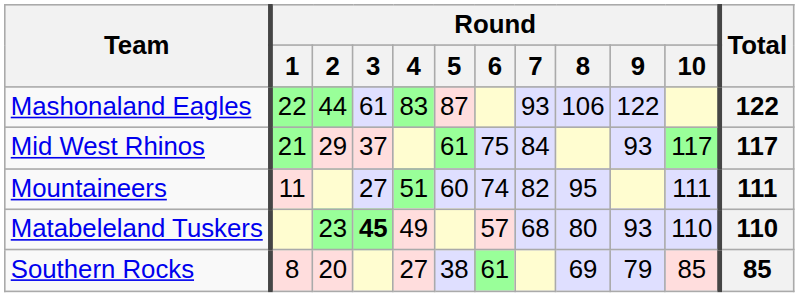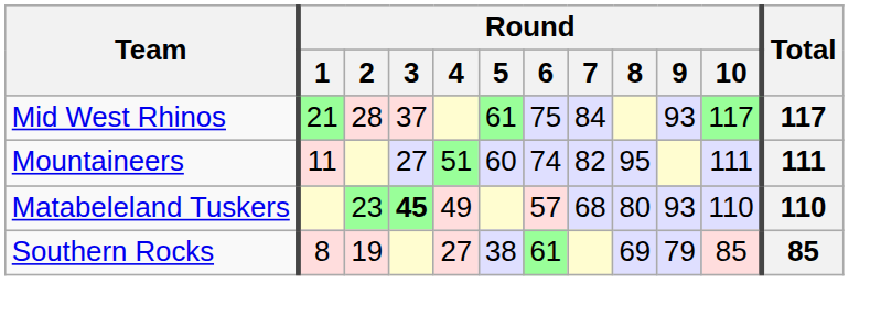 <table class="wikitable">
 <tr>
 <th rowspan="2" style="border-right: 3px solid #454545">Team</th>
 <th colspan="10">Round</th>
 <th rowspan="2" style="border-left: 3px solid #454545">Total</th>
 </tr>
 <tr>
 <th>1</th>
 <th>2</th>
 <th>3</th>
 <th>4</th>
 <th>5</th>
 <th>6</th>
 <th>7</th>
 <th>8</th>
 <th>9</th>
 <th>10</th>
 </tr>
 <tr align="center">
-<td style="border-right: 3px solid #454545" align="left"><a href='#'>Mashonaland Eagles</a></td>
-<td style="background: #99FF99">22</td>
-<td style="background: #99FF99">44</td>
-<td style="background: #DFDFFF">61</td>
-<td style="background: #99FF99">83</td>
-<td style="background: #FFDDDD">87</td>
-<td style="background-color: #FFFDD0"><em></em></td>
-<td style="background: #DFDFFF">93</td>
-<td style="background: #DFDFFF">106</td>
-<td style="background: #DFDFFF">122</td>
-<td style="background-color: #FFFDD0"><em></em></td>
-<th style="border-left: 3px solid #454545">122</th>
-</tr>
-<tr align="center">
 <td style="border-right: 3px solid #454545" align="left"><a href='#'>Mid West Rhinos</a></td>
 <td style="background: #99FF99">21</td>
-<td style="background: #FFDDDD">29</td>
+<td style="background: #FFDDDD">28</td>
 <td style="background: #FFDDDD">37</td>
 <td style="background-color: #FFFDD0"><em></em></td>
 <td style="background: #99FF99">61</td>
 <td style="background: #DFDFFF">75</td>
 <td style="background: #DFDFFF">84</td>
 <td style="background-color: #FFFDD0"><em></em></td>
 <td style="background: #DFDFFF">93</td>
 <td style="background: #99FF99">117</td>
 <th style="border-left: 3px solid #454545">117</th>
 </tr>
 <tr align="center">
 <td style="border-right: 3px solid #454545" align="left"><a href='#'>Mountaineers</a></td>
 <td style="background: #FFDDDD">11</td>
 <td style="background-color: #FFFDD0"><em></em></td>
 <td style="background: #DFDFFF">27</td>
 <td style="background: #99FF99">51</td>
 <td style="background: #DFDFFF">60</td>
 <td style="background: #DFDFFF">74</td>
 <td style="background: #DFDFFF">82</td>
 <td style="background: #DFDFFF">95</td>
 <td style="background-color: #FFFDD0"><em></em></td>
 <td style="background: #DFDFFF">111</td>
 <th style="border-left: 3px solid #454545">111</th>
 </tr>
 <tr align="center">
 <td style="border-right: 3px solid #454545" align="left"><a href='#'>Matabeleland Tuskers</a></td>
 <td style="background-color: #FFFDD0"><em></em></td>
 <td style="background: #99FF99">23</td>
 <td style="background: #99FF99"><strong>45</strong></td>
 <td style="background: #FFDDDD">49</td>
 <td style="background-color: #FFFDD0"><em></em></td>
 <td style="background: #FFDDDD">57</td>
 <td style="background: #DFDFFF">68</td>
 <td style="background: #DFDFFF">80</td>
 <td style="background: #DFDFFF">93</td>
 <td style="background: #DFDFFF">110</td>
 <th style="border-left: 3px solid #454545">110</th>
 </tr>
 <tr align="center">
 <td style="border-right: 3px solid #454545" align="left"><a href='#'>Southern Rocks</a></td>
 <td style="background: #FFDDDD">8</td>
-<td style="background: #FFDDDD">20</td>
+<td style="background: #FFDDDD">19</td>
 <td style="background-color: #FFFDD0"><em></em></td>
 <td style="background: #FFDDDD">27</td>
 <td style="background: #DFDFFF">38</td>
 <td style="background: #99FF99">61</td>
 <td style="background-color: #FFFDD0"><em></em></td>
 <td style="background: #DFDFFF">69</td>
 <td style="background: #DFDFFF">79</td>
 <td style="background: #FFDDDD">85</td>
 <th style="border-left: 3px solid #454545">85</th>
 </tr>
 </table>
